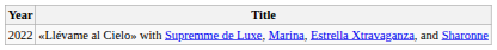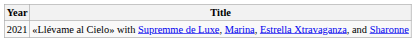 <table class="wikitable">
 <tr>
 <th>Year</th>
 <th>Title</th>
 </tr>
 <tr>
-<td>2022</td>
+<td>2021</td>
 <td>«Llévame al Cielo» with <a href='#'>Supremme de Luxe</a>, <a href='#'>Marina</a>, <a href='#'>Estrella Xtravaganza</a>, and <a href='#'>Sharonne</a></td>
 </tr>
 </table>
